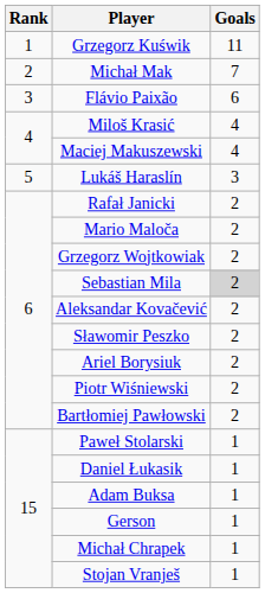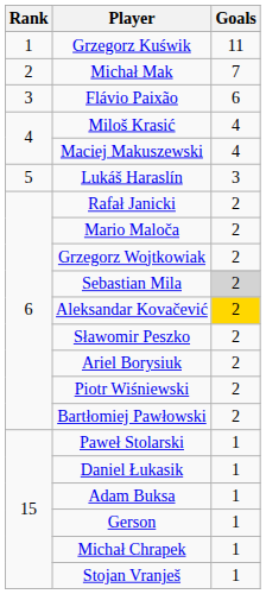 <table class="wikitable" style="text-align: center">
 <tr>
 <th>Rank</th>
 <th>Player</th>
 <th>Goals</th>
 </tr>
 <tr>
 <td>1</td>
 <td><a href='#'>Grzegorz Kuświk</a></td>
 <td>11</td>
 </tr>
 <tr>
 <td>2</td>
 <td><a href='#'>Michał Mak</a></td>
 <td>7</td>
 </tr>
 <tr>
 <td>3</td>
 <td><a href='#'>Flávio Paixão</a></td>
 <td>6</td>
 </tr>
 <tr>
 <td rowspan=2>4</td>
 <td><a href='#'>Miloš Krasić</a></td>
 <td>4</td>
 </tr>
 <tr>
 <td><a href='#'>Maciej Makuszewski</a></td>
 <td>4</td>
 </tr>
 <tr>
 <td>5</td>
 <td><a href='#'>Lukáš Haraslín</a></td>
 <td>3</td>
 </tr>
 <tr>
 <td rowspan=9>6</td>
 <td><a href='#'>Rafał Janicki</a></td>
 <td>2</td>
 </tr>
 <tr>
 <td><a href='#'>Mario Maloča</a></td>
 <td>2</td>
 </tr>
 <tr>
 <td><a href='#'>Grzegorz Wojtkowiak</a></td>
 <td>2</td>
 </tr>
 <tr>
 <td><a href='#'>Sebastian Mila</a></td>
 <td style="background: lightgrey;">2</td>
 </tr>
 <tr>
 <td><a href='#'>Aleksandar Kovačević</a></td>
-<td>2</td>
+<td style="background: gold;">2</td>
 </tr>
 <tr>
 <td><a href='#'>Sławomir Peszko</a></td>
 <td>2</td>
 </tr>
 <tr>
 <td><a href='#'>Ariel Borysiuk</a></td>
 <td>2</td>
 </tr>
 <tr>
 <td><a href='#'>Piotr Wiśniewski</a></td>
 <td>2</td>
 </tr>
 <tr>
 <td><a href='#'>Bartłomiej Pawłowski</a></td>
 <td>2</td>
 </tr>
 <tr>
 <td rowspan=6>15</td>
 <td><a href='#'>Paweł Stolarski</a></td>
 <td>1</td>
 </tr>
 <tr>
 <td><a href='#'>Daniel Łukasik</a></td>
 <td>1</td>
 </tr>
 <tr>
 <td><a href='#'>Adam Buksa</a></td>
 <td>1</td>
 </tr>
 <tr>
 <td><a href='#'>Gerson</a></td>
 <td>1</td>
 </tr>
 <tr>
 <td><a href='#'>Michał Chrapek</a></td>
 <td>1</td>
 </tr>
 <tr>
 <td><a href='#'>Stojan Vranješ</a></td>
 <td>1</td>
 </tr>
 </table>
